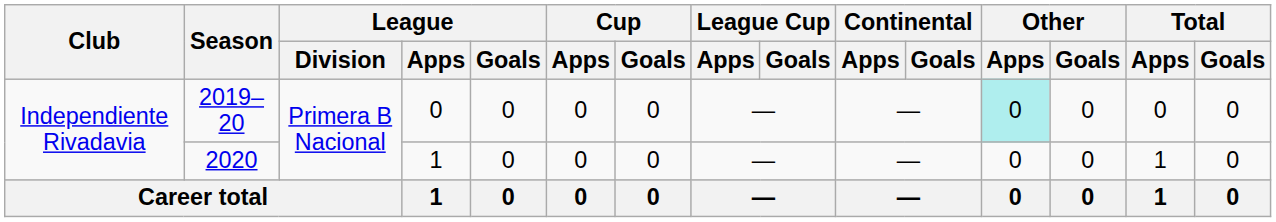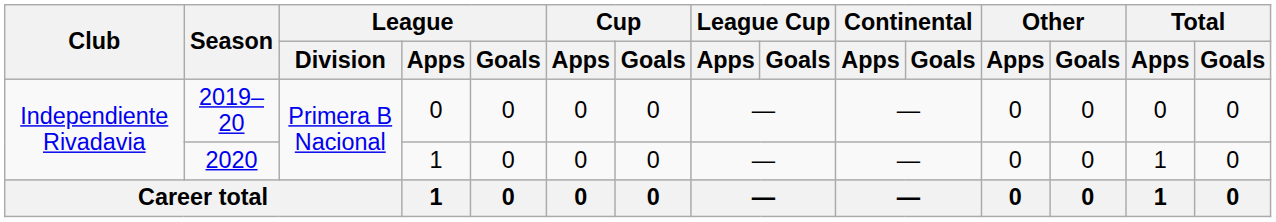 <table class="wikitable" style="text-align:center">
 <tr>
 <th rowspan="2">Club</th>
 <th rowspan="2">Season</th>
 <th colspan="3">League</th>
 <th colspan="2">Cup</th>
 <th colspan="2">League Cup</th>
 <th colspan="2">Continental</th>
 <th colspan="2">Other</th>
 <th colspan="2">Total</th>
 </tr>
 <tr>
 <th>Division</th>
 <th>Apps</th>
 <th>Goals</th>
 <th>Apps</th>
 <th>Goals</th>
 <th>Apps</th>
 <th>Goals</th>
 <th>Apps</th>
 <th>Goals</th>
 <th>Apps</th>
 <th>Goals</th>
 <th>Apps</th>
 <th>Goals</th>
 </tr>
 <tr>
 <td rowspan="2"><a href='#'>Independiente Rivadavia</a></td>
 <td><a href='#'>2019–20</a></td>
 <td rowspan="2"><a href='#'>Primera B Nacional</a></td>
 <td>0</td>
 <td>0</td>
 <td>0</td>
 <td>0</td>
 <td colspan="2">—</td>
 <td colspan="2">—</td>
-<td style="background: paleturquoise;">0</td>
+<td>0</td>
 <td>0</td>
 <td>0</td>
 <td>0</td>
 </tr>
 <tr>
 <td><a href='#'>2020</a></td>
 <td>1</td>
 <td>0</td>
 <td>0</td>
 <td>0</td>
 <td colspan="2">—</td>
 <td colspan="2">—</td>
 <td>0</td>
 <td>0</td>
 <td>1</td>
 <td>0</td>
 </tr>
 <tr>
 <th colspan="3">Career total</th>
 <th>1</th>
 <th>0</th>
 <th>0</th>
 <th>0</th>
 <th colspan="2">—</th>
 <th colspan="2">—</th>
 <th>0</th>
 <th>0</th>
 <th>1</th>
 <th>0</th>
 </tr>
 </table>
